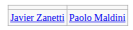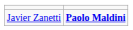 <table class="wikitable" style="text-align:left; float:right; margin-right:9px; margin-left:2px;">
 <tr>
 <td style="text-align:left;"></td>
 <td style="text-align:left;"></td>
 </tr>
 <tr>
 <td style="text-align:center;"><a href='#'>Javier Zanetti</a></td>
-<td style="text-align:center;"><a href='#'>Paolo Maldini</a></td>
+<td style="text-align:center;"><strong><a href='#'>Paolo Maldini</a></strong></td>
 </tr>
 </table>
